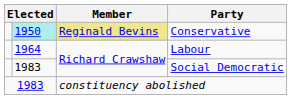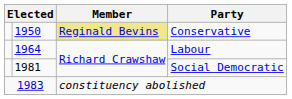 <table class="wikitable">
 <tr>
 <th colspan="2">Elected</th>
 <th>Member </th>
 <th>Party</th>
 </tr>
 <tr>
 <td style="color:inherit;background-color: "></td>
-<td style="background: paleturquoise;"><a href='#'>1950</a></td>
+<td><a href='#'>1950</a></td>
 <td style="background: khaki;"><a href='#'>Reginald Bevins</a></td>
 <td><a href='#'>Conservative</a></td>
 </tr>
 <tr>
 <td style="color:inherit;background-color: "></td>
 <td><a href='#'>1964</a></td>
 <td rowspan="2"><a href='#'>Richard Crawshaw</a></td>
 <td><a href='#'>Labour</a></td>
 </tr>
 <tr>
 <td style="color:inherit;background-color: "></td>
-<td>1983</td>
+<td>1981</td>
 <td><a href='#'>Social Democratic</a></td>
 </tr>
 <tr>
 <td colspan="2" align="center"><a href='#'>1983</a></td>
 <td colspan="2"><em>constituency abolished</em></td>
 </tr>
 </table>
